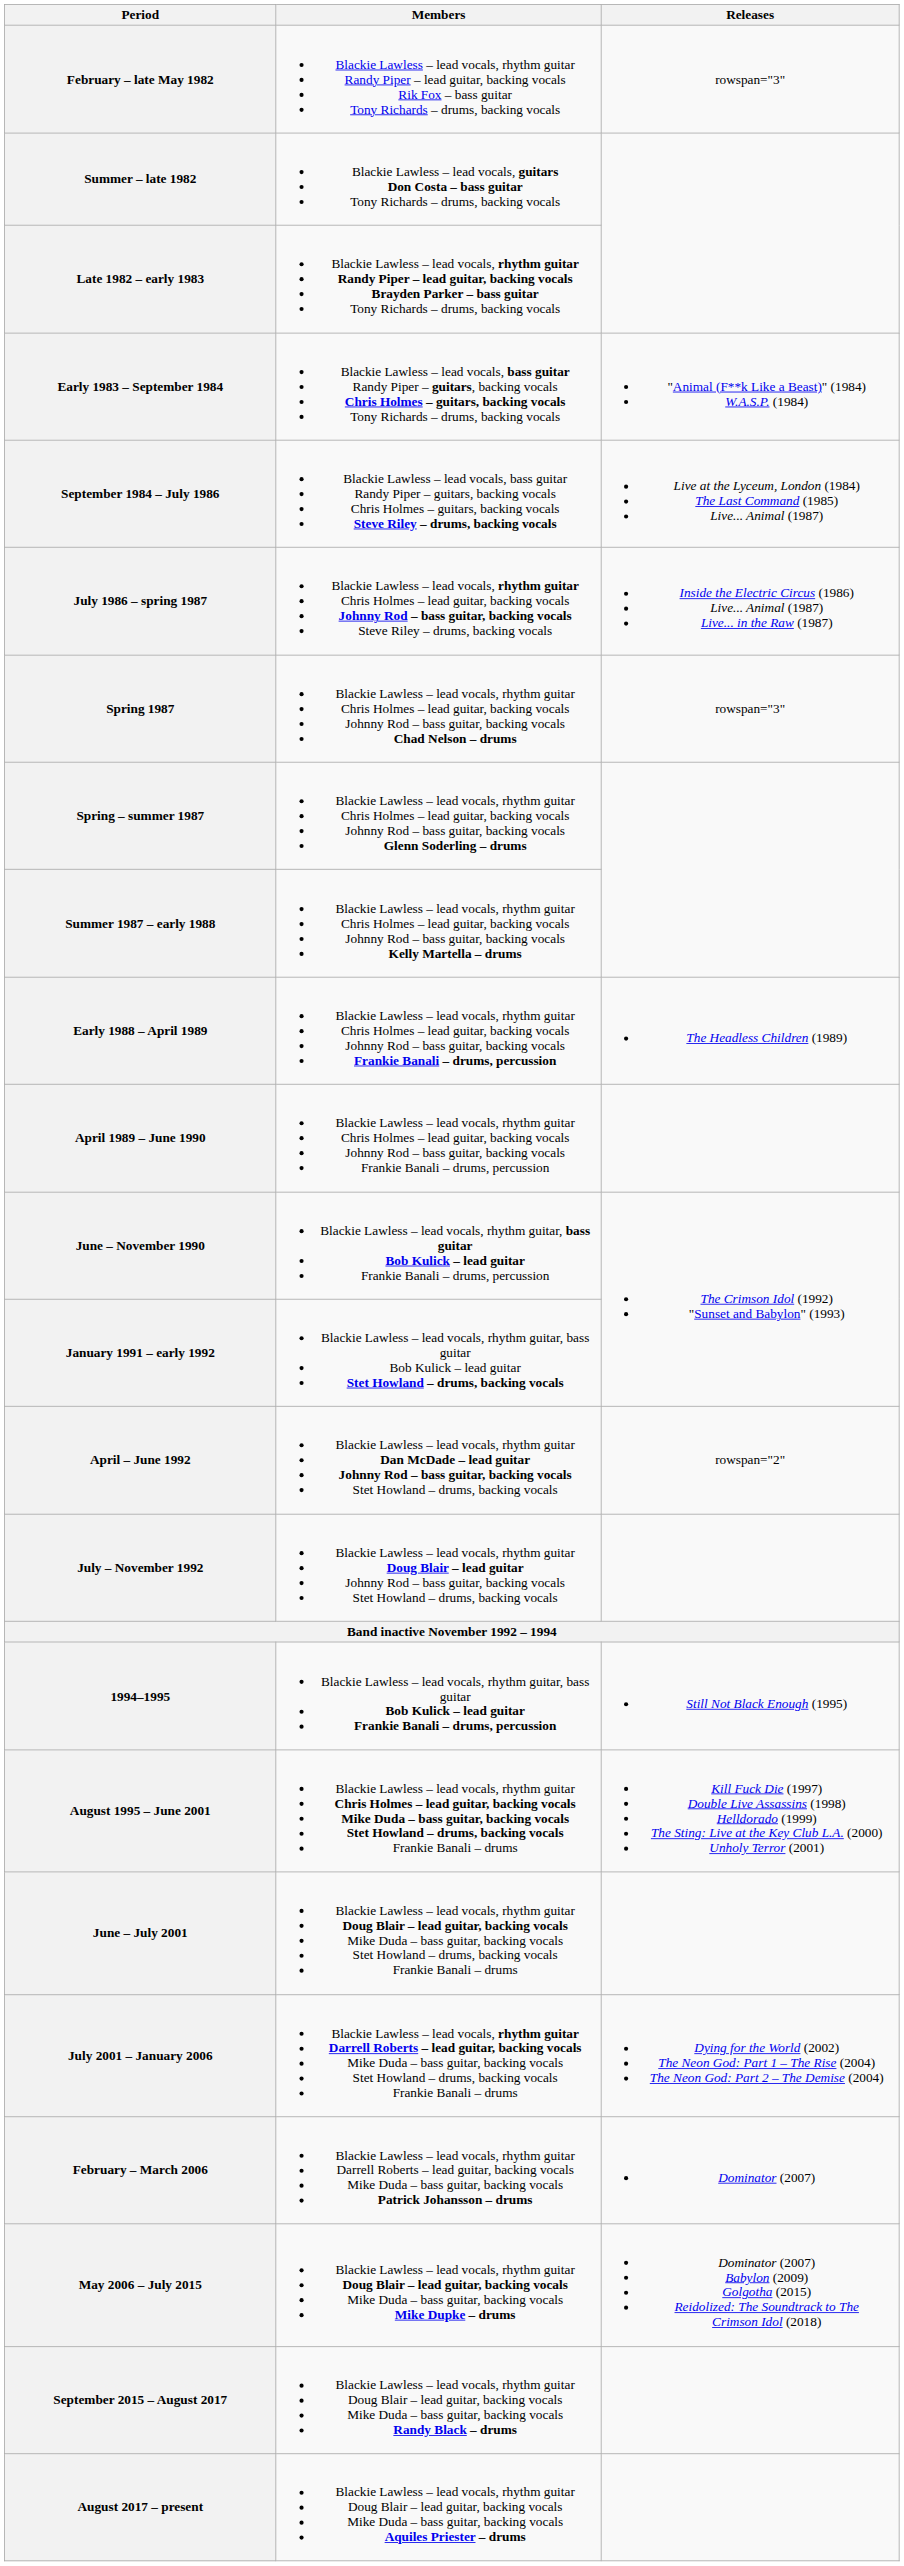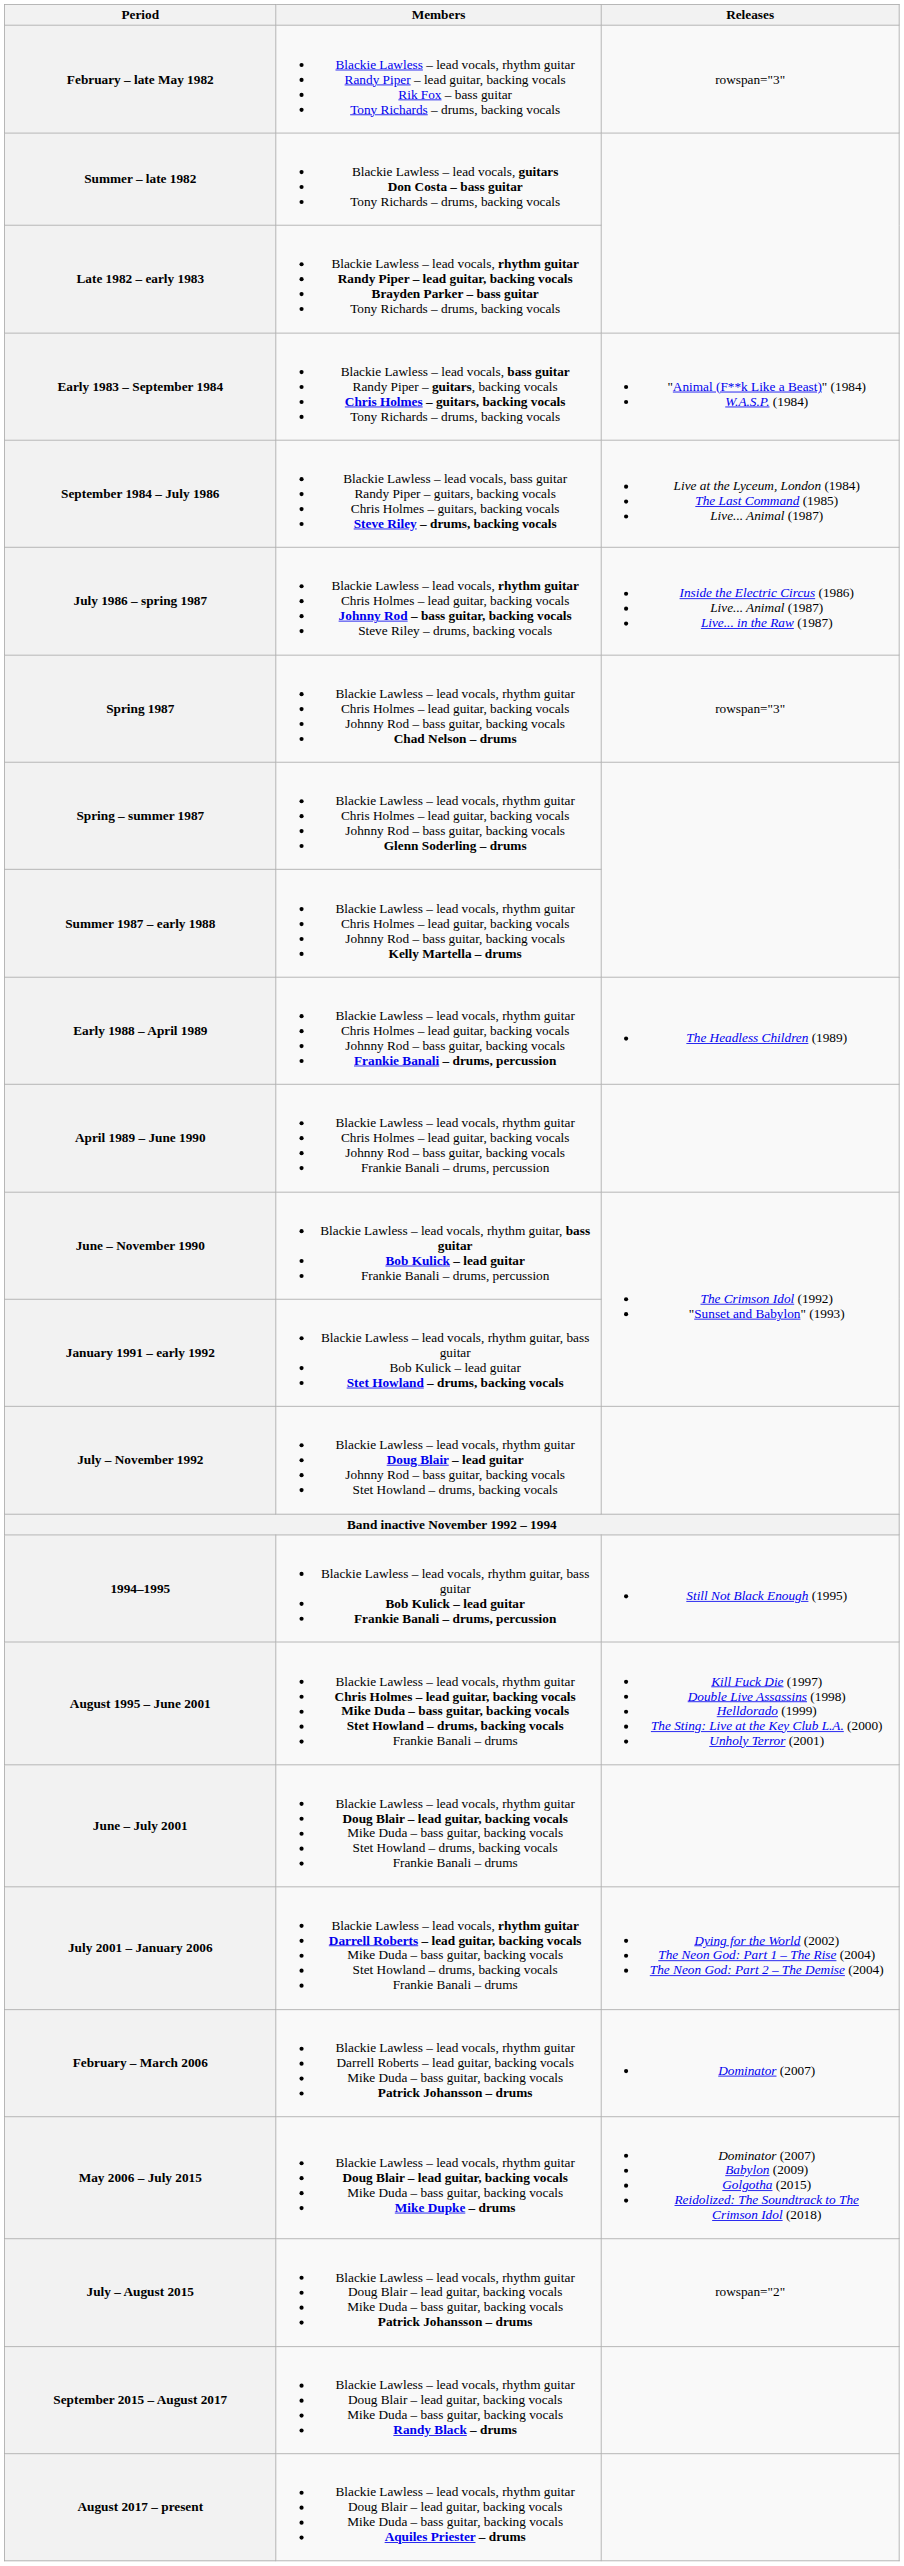 <table class="wikitable plainrowheaders" style="text-align:center;">
 <tr>
 <th scope="col" style="width:20em;">Period</th>
 <th scope="col" style="width:24em;">Members</th>
 <th scope="col" style="width:22em;">Releases</th>
 </tr>
 <tr>
 <th scope="col">February – late May 1982</th>
 <td><br><ul><li><a href='#'>Blackie Lawless</a> – lead vocals, rhythm guitar</li><li><a href='#'>Randy Piper</a> – lead guitar, backing vocals</li><li><a href='#'>Rik Fox</a> – bass guitar</li><li><a href='#'>Tony Richards</a> – drums, backing vocals</li></ul></td>
 <td>rowspan="3" </td>
 </tr>
 <tr>
 <th scope="col">Summer – late 1982</th>
 <td><br><ul><li>Blackie Lawless – lead vocals, <strong>guitars</strong></li><li><strong>Don Costa – bass guitar</strong></li><li>Tony Richards – drums, backing vocals</li></ul></td>
 </tr>
 <tr>
 <th scope="col">Late 1982 – early 1983</th>
 <td><br><ul><li>Blackie Lawless – lead vocals, <strong>rhythm guitar</strong></li><li><strong>Randy Piper – lead guitar, backing vocals</strong></li><li><strong>Brayden Parker – bass guitar</strong></li><li>Tony Richards – drums, backing vocals</li></ul></td>
 </tr>
 <tr>
 <th scope="col">Early 1983 – September 1984</th>
 <td><br><ul><li>Blackie Lawless – lead vocals, <strong>bass guitar</strong></li><li>Randy Piper – <strong>guitars</strong>, backing vocals</li><li><strong><a href='#'>Chris Holmes</a> – guitars, backing vocals</strong></li><li>Tony Richards – drums, backing vocals</li></ul></td>
 <td><br><ul><li>"<a href='#'>Animal (F**k Like a Beast)</a>" (1984)</li><li><em><a href='#'>W.A.S.P.</a></em> (1984)</li></ul></td>
 </tr>
 <tr>
 <th scope="col">September 1984 – July 1986</th>
 <td><br><ul><li>Blackie Lawless – lead vocals, bass guitar</li><li>Randy Piper – guitars, backing vocals</li><li>Chris Holmes – guitars, backing vocals</li><li><strong><a href='#'>Steve Riley</a> – drums, backing vocals</strong></li></ul></td>
 <td><br><ul><li><em>Live at the Lyceum, London</em> (1984)</li><li><em><a href='#'>The Last Command</a></em> (1985)</li><li><em>Live... Animal</em> (1987) </li></ul></td>
 </tr>
 <tr>
 <th scope="col">July 1986 – spring 1987</th>
 <td><br><ul><li>Blackie Lawless – lead vocals, <strong>rhythm guitar</strong></li><li>Chris Holmes – lead guitar, backing vocals</li><li><strong><a href='#'>Johnny Rod</a> – bass guitar, backing vocals</strong></li><li>Steve Riley – drums, backing vocals</li></ul></td>
 <td><br><ul><li><em><a href='#'>Inside the Electric Circus</a></em> (1986)</li><li><em>Live... Animal</em> (1987) </li><li><em><a href='#'>Live... in the Raw</a></em> (1987)</li></ul></td>
 </tr>
 <tr>
 <th scope="col">Spring 1987</th>
 <td><br><ul><li>Blackie Lawless – lead vocals, rhythm guitar</li><li>Chris Holmes – lead guitar, backing vocals</li><li>Johnny Rod – bass guitar, backing vocals</li><li><strong>Chad Nelson – drums</strong> </li></ul></td>
 <td>rowspan="3" </td>
 </tr>
 <tr>
 <th scope="col">Spring – summer 1987</th>
 <td><br><ul><li>Blackie Lawless – lead vocals, rhythm guitar</li><li>Chris Holmes – lead guitar, backing vocals</li><li>Johnny Rod – bass guitar, backing vocals</li><li><strong>Glenn Soderling – drums</strong> </li></ul></td>
 </tr>
 <tr>
 <th scope="col">Summer 1987 – early 1988</th>
 <td><br><ul><li>Blackie Lawless – lead vocals, rhythm guitar</li><li>Chris Holmes – lead guitar, backing vocals</li><li>Johnny Rod – bass guitar, backing vocals</li><li><strong>Kelly Martella – drums</strong> </li></ul></td>
 </tr>
 <tr>
 <th scope="col">Early 1988 – April 1989</th>
 <td><br><ul><li>Blackie Lawless – lead vocals, rhythm guitar</li><li>Chris Holmes – lead guitar, backing vocals</li><li>Johnny Rod – bass guitar, backing vocals</li><li><strong><a href='#'>Frankie Banali</a> – drums, percussion</strong> </li></ul></td>
 <td><br><ul><li><em><a href='#'>The Headless Children</a></em> (1989)</li></ul></td>
 </tr>
 <tr>
 <th scope="col">April 1989 – June 1990</th>
 <td><br><ul><li>Blackie Lawless – lead vocals, rhythm guitar</li><li>Chris Holmes – lead guitar, backing vocals</li><li>Johnny Rod – bass guitar, backing vocals</li><li>Frankie Banali – drums, percussion</li></ul></td>
 <td></td>
 </tr>
 <tr>
 <th scope="col">June – November 1990</th>
 <td><br><ul><li>Blackie Lawless – lead vocals, rhythm guitar, <strong>bass guitar</strong></li><li><strong><a href='#'>Bob Kulick</a> – lead guitar</strong> </li><li>Frankie Banali – drums, percussion</li></ul></td>
 <td rowspan="2"><br><ul><li><em><a href='#'>The Crimson Idol</a></em> (1992)</li><li>"<a href='#'>Sunset and Babylon</a>" (1993)<br></li></ul></td>
 </tr>
 <tr>
 <th scope="col">January 1991 – early 1992</th>
 <td><br><ul><li>Blackie Lawless – lead vocals, rhythm guitar, bass guitar</li><li>Bob Kulick – lead guitar </li><li><strong><a href='#'>Stet Howland</a> – drums, backing vocals</strong></li></ul></td>
 </tr>
 <tr>
-<th scope="col">April – June 1992</th>
-<td><br><ul><li>Blackie Lawless – lead vocals, rhythm guitar</li><li><strong>Dan McDade – lead guitar</strong> </li><li><strong>Johnny Rod – bass guitar, backing vocals</strong></li><li>Stet Howland – drums, backing vocals</li></ul></td>
-<td>rowspan="2" </td>
-</tr>
-<tr>
 <th scope="col">July – November 1992</th>
 <td><br><ul><li>Blackie Lawless – lead vocals, rhythm guitar</li><li><strong><a href='#'>Doug Blair</a> – lead guitar</strong> </li><li>Johnny Rod – bass guitar, backing vocals</li><li>Stet Howland – drums, backing vocals</li></ul></td>
 </tr>
 <tr>
 <th scope="col" colspan="3">Band inactive November 1992  – 1994</th>
 </tr>
 <tr>
 <th scope="col">1994–1995</th>
 <td><br><ul><li>Blackie Lawless – lead vocals, rhythm guitar, bass guitar</li><li><strong>Bob Kulick – lead guitar</strong> </li><li><strong>Frankie Banali – drums, percussion</strong> </li></ul></td>
 <td><br><ul><li><em><a href='#'>Still Not Black Enough</a></em> (1995)</li></ul></td>
 </tr>
 <tr>
 <th scope="col">August 1995 – June 2001</th>
 <td><br><ul><li>Blackie Lawless – lead vocals, rhythm guitar</li><li><strong>Chris Holmes – lead guitar, backing vocals</strong></li><li><strong>Mike Duda – bass guitar, backing vocals</strong></li><li><strong>Stet Howland – drums, backing vocals</strong></li><li>Frankie Banali – drums </li></ul></td>
 <td><br><ul><li><em><a href='#'>Kill Fuck Die</a></em> (1997)</li><li><em><a href='#'>Double Live Assassins</a></em> (1998)</li><li><em><a href='#'>Helldorado</a></em> (1999)</li><li><em><a href='#'>The Sting: Live at the Key Club L.A.</a></em> (2000)</li><li><em><a href='#'>Unholy Terror</a></em> (2001)</li></ul></td>
 </tr>
 <tr>
 <th scope="col">June – July 2001</th>
 <td><br><ul><li>Blackie Lawless – lead vocals, rhythm guitar</li><li><strong>Doug Blair – lead guitar, backing vocals</strong> </li><li>Mike Duda – bass guitar, backing vocals</li><li>Stet Howland – drums, backing vocals</li><li>Frankie Banali – drums </li></ul></td>
 <td></td>
 </tr>
 <tr>
 <th scope="col">July 2001 – January 2006</th>
 <td><br><ul><li>Blackie Lawless – lead vocals, <strong>rhythm guitar</strong></li><li><strong><a href='#'>Darrell Roberts</a> – lead guitar, backing vocals</strong></li><li>Mike Duda – bass guitar, backing vocals</li><li>Stet Howland – drums, backing vocals</li><li>Frankie Banali – drums </li></ul></td>
 <td><br><ul><li><em><a href='#'>Dying for the World</a></em> (2002)</li><li><em><a href='#'>The Neon God: Part 1 – The Rise</a></em> (2004)</li><li><em><a href='#'>The Neon God: Part 2 – The Demise</a></em> (2004)</li></ul></td>
 </tr>
 <tr>
 <th scope="col">February – March 2006</th>
 <td><br><ul><li>Blackie Lawless – lead vocals, rhythm guitar</li><li>Darrell Roberts – lead guitar, backing vocals</li><li>Mike Duda – bass guitar, backing vocals</li><li><strong>Patrick Johansson – drums</strong> </li></ul></td>
 <td><br><ul><li><em><a href='#'>Dominator</a></em> (2007) </li></ul></td>
 </tr>
 <tr>
 <th scope="col">May 2006 – July 2015</th>
 <td><br><ul><li>Blackie Lawless – lead vocals, rhythm guitar</li><li><strong>Doug Blair – lead guitar, backing vocals</strong></li><li>Mike Duda – bass guitar, backing vocals</li><li><strong><a href='#'>Mike Dupke</a> – drums</strong></li></ul></td>
 <td><br><ul><li><em>Dominator</em> (2007) </li><li><em><a href='#'>Babylon</a></em> (2009)</li><li><em><a href='#'>Golgotha</a></em> (2015)</li><li><em><a href='#'>Reidolized: The Soundtrack to The<br>Crimson Idol</a></em> (2018)</li></ul></td>
 </tr>
 <tr>
+<th scope="col">July – August 2015</th>
+<td><br><ul><li>Blackie Lawless – lead vocals, rhythm guitar</li><li>Doug Blair – lead guitar, backing vocals</li><li>Mike Duda – bass guitar, backing vocals</li><li><strong>Patrick Johansson – drums</strong> </li></ul></td>
+<td>rowspan="2" </td>
+</tr>
+<tr>
 <th scope="col">September 2015 – August 2017</th>
 <td><br><ul><li>Blackie Lawless – lead vocals, rhythm guitar</li><li>Doug Blair – lead guitar, backing vocals</li><li>Mike Duda – bass guitar, backing vocals</li><li><strong><a href='#'>Randy Black</a> – drums</strong> </li></ul></td>
 </tr>
 <tr>
 <th scope="col">August 2017 – present</th>
 <td><br><ul><li>Blackie Lawless – lead vocals, rhythm guitar</li><li>Doug Blair – lead guitar, backing vocals</li><li>Mike Duda – bass guitar, backing vocals</li><li><strong><a href='#'>Aquiles Priester</a> – drums</strong></li></ul></td>
 <td></td>
 </tr>
 </table>
